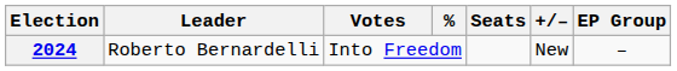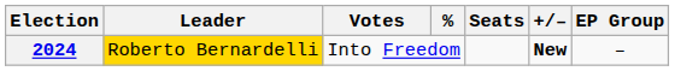 <table class="wikitable" style="text-align:center">
 <tr>
 <th>Election</th>
 <th>Leader</th>
 <th>Votes</th>
 <th>%</th>
 <th>Seats</th>
 <th>+/–</th>
 <th>EP Group</th>
 </tr>
 <tr>
 <th><a href='#'>2024</a></th>
-<td>Roberto Bernardelli</td>
+<td style="background: gold;">Roberto Bernardelli</td>
 <td colspan="2">Into <a href='#'>Freedom</a></td>
 <td></td>
-<td>New</td>
+<td><strong>New</strong></td>
 <td>–</td>
 </tr>
 </table>
